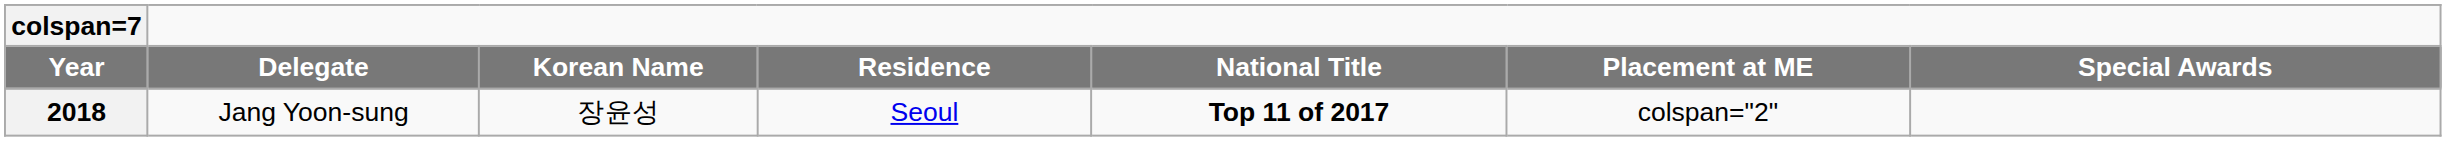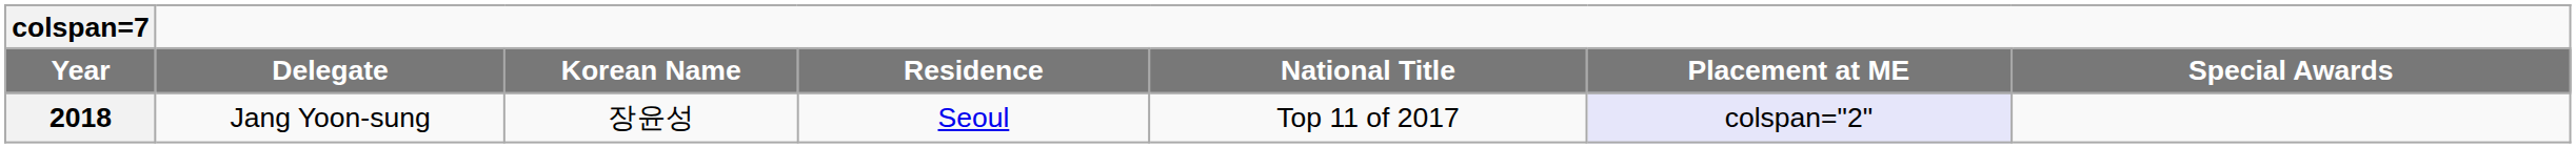 <table class="wikitable sortable" style="font-size: 85%; text-align:center">
 <tr>
 <th>colspan=7 </th>
 </tr>
 <tr>
 <th width="60" style="background-color:#787878;color:#FFFFFF;">Year</th>
 <th width="180" style="background-color:#787878;color:#FFFFFF;">Delegate</th>
 <th width="150" style="background-color:#787878;color:#FFFFFF;">Korean Name</th>
 <th width="180" style="background-color:#787878;color:#FFFFFF;">Residence</th>
 <th width="230" style="background-color:#787878;color:#FFFFFF;">National Title</th>
 <th width="220" style="background-color:#787878;color:#FFFFFF;">Placement at ME</th>
 <th width="300" style="background-color:#787878;color:#FFFFFF;">Special Awards</th>
 </tr>
 <tr>
 <th>2018</th>
 <td>Jang Yoon-sung</td>
 <td>장윤성</td>
 <td><a href='#'>Seoul</a></td>
-<td><strong>Top 11 of 2017</strong></td>
-<td>colspan="2" </td>
+<td>Top 11 of 2017</td>
+<td style="background: lavender;">colspan="2" </td>
 </tr>
 </table>
